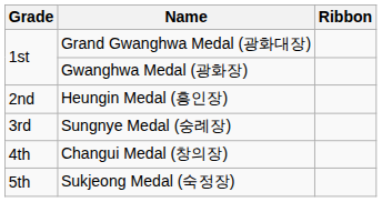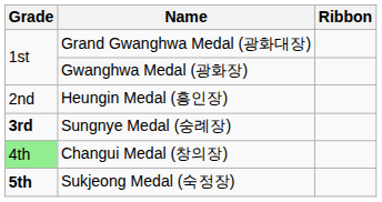 <table class="wikitable">
 <tr>
 <th>Grade</th>
 <th>Name</th>
 <th>Ribbon</th>
 </tr>
 <tr>
 <td rowspan="2">1st</td>
 <td>Grand Gwanghwa Medal (광화대장)</td>
 <td></td>
 </tr>
 <tr>
 <td>Gwanghwa Medal (광화장)</td>
 <td></td>
 </tr>
 <tr>
 <td>2nd</td>
 <td>Heungin Medal (흥인장)</td>
 <td></td>
 </tr>
 <tr>
-<td>3rd</td>
+<td><strong>3rd</strong></td>
 <td>Sungnye Medal (숭례장)</td>
 <td></td>
 </tr>
 <tr>
-<td>4th</td>
+<td style="background: lightgreen;">4th</td>
 <td>Changui Medal (창의장)</td>
 <td></td>
 </tr>
 <tr>
-<td>5th</td>
+<td><strong>5th</strong></td>
 <td>Sukjeong Medal (숙정장)</td>
 <td></td>
 </tr>
 </table>
